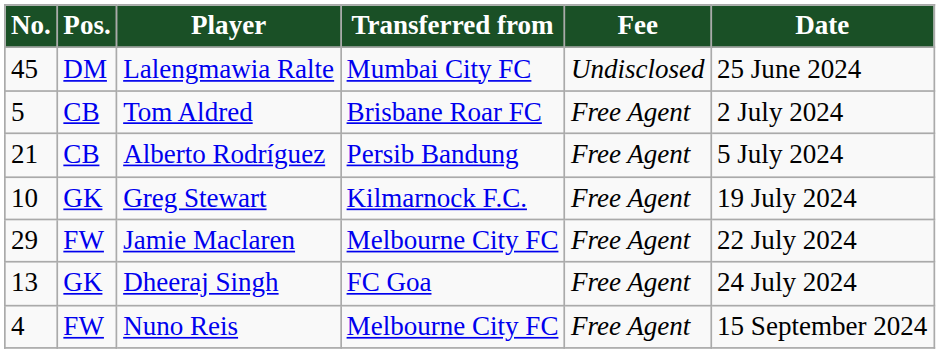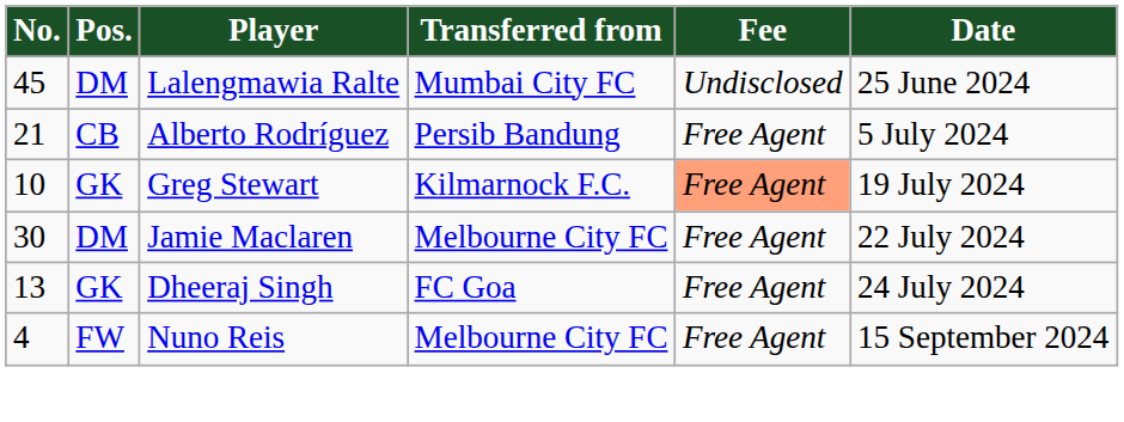 <table class="wikitable plainrowheaders sortable">
 <tr>
 <th style="background:#1A5026; color:#FFFFFF; ">No.</th>
 <th style="background:#1A5026; color:#FFFFFF; ">Pos.</th>
 <th style="background:#1A5026; color:#FFFFFF; ">Player</th>
 <th style="background:#1A5026; color:#FFFFFF; ">Transferred from</th>
 <th style="background:#1A5026; color:#FFFFFF; ">Fee</th>
 <th style="background:#1A5026; color:#FFFFFF; ">Date</th>
 </tr>
 <tr>
 <td>45</td>
 <td><a href='#'>DM</a></td>
 <td> <a href='#'>Lalengmawia Ralte </a></td>
 <td> <a href='#'>Mumbai City FC</a></td>
 <td><em> Undisclosed </em></td>
 <td>25 June 2024</td>
 </tr>
 <tr>
-<td>5</td>
-<td><a href='#'>CB</a></td>
-<td> <a href='#'>Tom Aldred </a></td>
-<td> <a href='#'>Brisbane Roar FC</a></td>
-<td><em> Free Agent </em></td>
-<td>2 July 2024</td>
-</tr>
-<tr>
 <td>21</td>
 <td><a href='#'>CB</a></td>
 <td> <a href='#'> Alberto Rodríguez</a></td>
 <td> <a href='#'>Persib Bandung </a></td>
 <td><em> Free Agent </em></td>
 <td>5 July 2024</td>
 </tr>
 <tr>
 <td>10</td>
 <td><a href='#'>GK</a></td>
 <td> <a href='#'>Greg Stewart</a></td>
 <td> <a href='#'>Kilmarnock F.C. </a></td>
-<td><em> Free Agent </em></td>
+<td style="background: lightsalmon;"><em> Free Agent </em></td>
 <td>19 July 2024</td>
 </tr>
 <tr>
-<td>29</td>
-<td><a href='#'>FW</a></td>
+<td>30</td>
+<td><a href='#'>DM</a></td>
 <td> <a href='#'>Jamie Maclaren </a></td>
 <td> <a href='#'>Melbourne City FC</a></td>
 <td><em> Free Agent </em></td>
 <td>22 July 2024</td>
 </tr>
 <tr>
 <td>13</td>
 <td><a href='#'>GK</a></td>
 <td> <a href='#'>Dheeraj Singh </a></td>
 <td> <a href='#'>FC Goa</a></td>
 <td><em> Free Agent </em></td>
 <td>24 July 2024</td>
 </tr>
 <tr>
 <td>4</td>
 <td><a href='#'>FW</a></td>
 <td> <a href='#'>Nuno Reis</a></td>
 <td> <a href='#'>Melbourne City FC</a></td>
 <td><em> Free Agent </em></td>
 <td>15 September 2024</td>
 </tr>
 </table>
